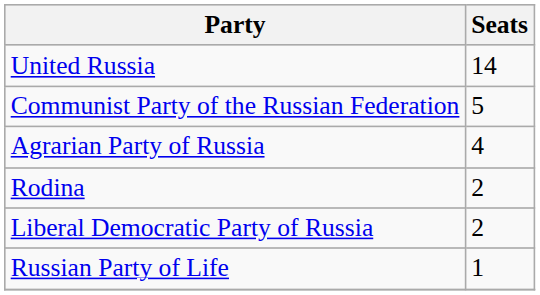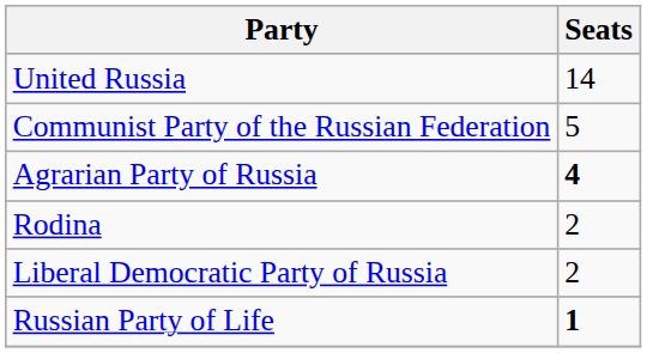 <table class="wikitable">
 <tr>
 <th>Party</th>
 <th>Seats</th>
 </tr>
 <tr>
 <td><a href='#'>United Russia</a></td>
 <td>14</td>
 </tr>
 <tr>
 <td><a href='#'>Communist Party of the Russian Federation</a></td>
 <td>5</td>
 </tr>
 <tr>
 <td><a href='#'>Agrarian Party of Russia</a></td>
-<td>4</td>
+<td><strong>4</strong></td>
 </tr>
 <tr>
 <td><a href='#'>Rodina</a></td>
 <td>2</td>
 </tr>
 <tr>
 <td><a href='#'>Liberal Democratic Party of Russia</a></td>
 <td>2</td>
 </tr>
 <tr>
 <td><a href='#'>Russian Party of Life</a></td>
-<td>1</td>
+<td><strong>1</strong></td>
 </tr>
 <tr>
 </tr>
 </table>
